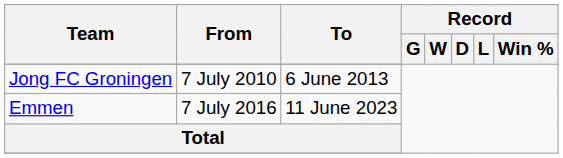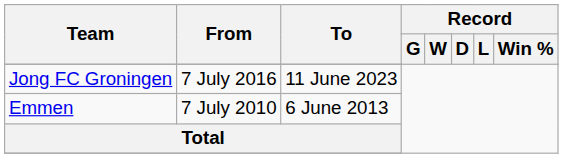 <table class="wikitable" style="text-align: center">
 <tr>
 <th rowspan="2">Team</th>
 <th rowspan="2">From</th>
 <th rowspan="2">To</th>
 <th colspan="5">Record</th>
 </tr>
 <tr>
 <th>G</th>
 <th>W</th>
 <th>D</th>
 <th>L</th>
 <th>Win %</th>
 </tr>
 <tr>
 </tr>
 <tr>
 <td align=left><a href='#'>Jong FC Groningen</a></td>
-<td align=left>7 July 2010</td>
-<td align=left>6 June 2013<br></td>
+<td align=left>7 July 2016</td>
+<td align=left>11 June 2023<br></td>
 </tr>
 <tr>
 <td align=left><a href='#'>Emmen</a></td>
-<td align=left>7 July 2016</td>
-<td align=left>11 June 2023<br></td>
+<td align=left>7 July 2010</td>
+<td align=left>6 June 2013<br></td>
 </tr>
 <tr>
 <th colspan=3>Total<br></th>
 </tr>
 <tr>
 </tr>
 </table>
